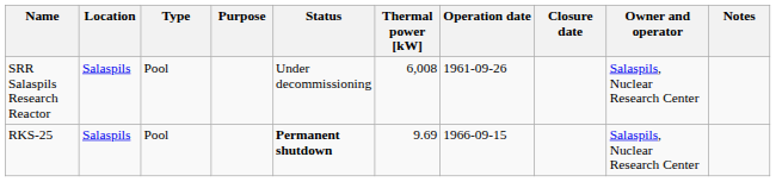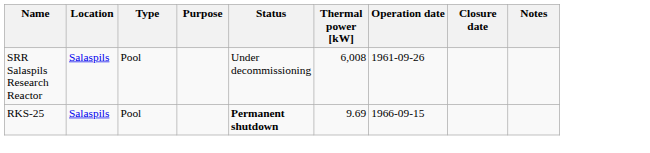 <table class="wikitable" >
 <tr valign="top">
 <th width="80">Name</th>
 <th width="65">Location</th>
 <th width="76">Type</th>
 <th width="65">Purpose</th>
 <th width="91">Status</th>
 <th width="70“">Thermal power [kW]</th>
 <th width=„67“>Operation date</th>
 <th width="78“">Closure date</th>
-<th width="113“">Owner and operator</th>
 <th width="65">Notes</th>
 </tr>
 <tr valign="top">
 <td>SRR Salaspils Research Reactor</td>
 <td><a href='#'>Salaspils</a></td>
 <td>Pool</td>
 <td></td>
 <td>Under decommissioning</td>
 <td align="right">6,008</td>
 <td>1961-09-26</td>
 <td></td>
-<td><a href='#'>Salaspils</a>, Nuclear Research Center</td>
 <td></td>
 </tr>
 <tr valign="top">
 <td>RKS-25</td>
 <td><a href='#'>Salaspils</a></td>
 <td>Pool</td>
 <td></td>
 <td><strong>Permanent shutdown</strong></td>
 <td align="right">9.69</td>
 <td>1966-09-15</td>
 <td></td>
-<td><a href='#'>Salaspils</a>, Nuclear Research Center</td>
 <td></td>
 </tr>
 </table>
